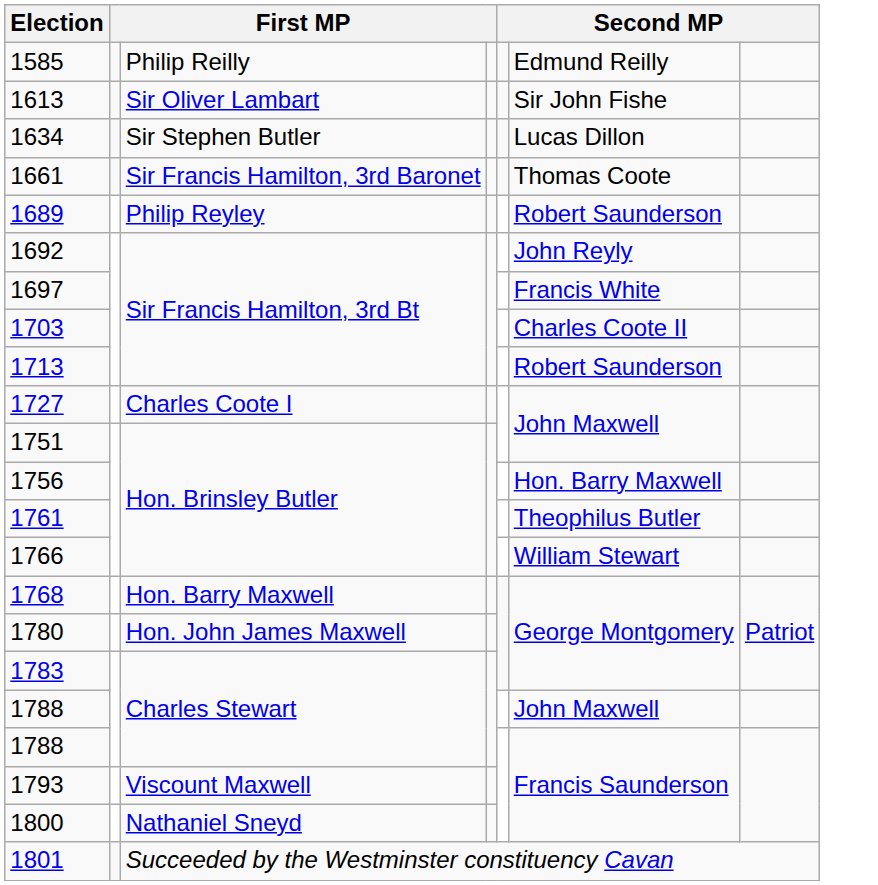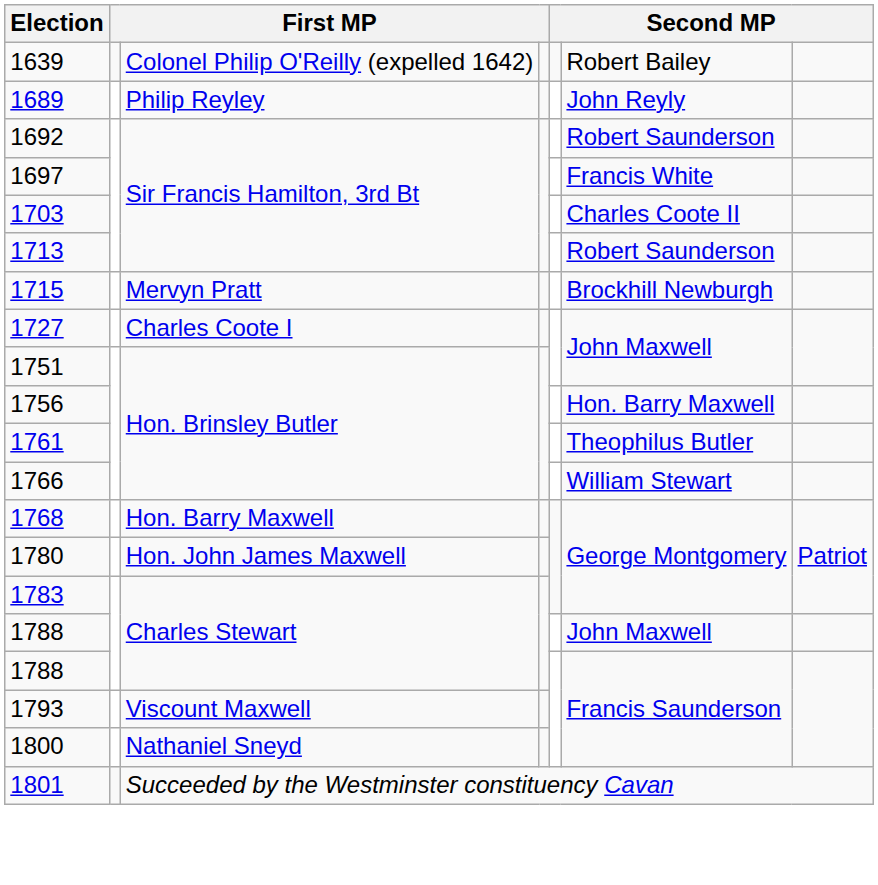 <table class="wikitable">
 <tr>
 <th>Election</th>
 <th colspan=3>First MP</th>
 <th colspan=3>Second MP</th>
 </tr>
 <tr>
-<td>1585</td>
+<td>1639</td>
 <td></td>
-<td>Philip Reilly</td>
+<td><a href='#'>Colonel Philip O'Reilly</a> (expelled 1642)</td>
 <td></td>
 <td></td>
-<td>Edmund Reilly</td>
-<td></td>
-</tr>
-<tr>
-<td>1613</td>
-<td></td>
-<td><a href='#'>Sir Oliver Lambart</a></td>
-<td></td>
-<td></td>
-<td>Sir John Fishe</td>
-<td></td>
-</tr>
-<tr>
-<td>1634</td>
-<td></td>
-<td>Sir Stephen Butler</td>
-<td></td>
-<td></td>
-<td>Lucas Dillon</td>
-<td></td>
-</tr>
-<tr>
-<td>1661</td>
-<td></td>
-<td><a href='#'>Sir Francis Hamilton, 3rd Baronet</a></td>
-<td></td>
-<td></td>
-<td>Thomas Coote</td>
+<td>Robert Bailey</td>
 <td></td>
 </tr>
 <tr>
 <td><a href='#'>1689</a></td>
 <td style="background-color: white"></td>
 <td><a href='#'>Philip Reyley</a></td>
 <td></td>
 <td style="background-color: white"></td>
-<td><a href='#'>Robert Saunderson</a></td>
+<td><a href='#'>John Reyly</a></td>
 <td></td>
 </tr>
 <tr>
 <td>1692</td>
 <td rowspan="4" style="background-color: white"></td>
 <td rowspan="4"><a href='#'>Sir Francis Hamilton, 3rd Bt</a></td>
 <td rowspan="4"></td>
 <td style="background-color: white"></td>
-<td><a href='#'>John Reyly</a></td>
+<td><a href='#'>Robert Saunderson</a></td>
 <td></td>
 </tr>
 <tr>
 <td>1697</td>
 <td style="background-color: white"></td>
 <td><a href='#'>Francis White</a></td>
 <td></td>
 </tr>
 <tr>
 <td><a href='#'>1703</a></td>
 <td style="background-color: white"></td>
 <td><a href='#'>Charles Coote II</a></td>
 <td></td>
 </tr>
 <tr>
 <td><a href='#'>1713</a></td>
 <td style="background-color: white"></td>
 <td><a href='#'>Robert Saunderson</a></td>
+<td></td>
+</tr>
+<tr>
+<td><a href='#'>1715</a></td>
+<td style="background-color: white"></td>
+<td><a href='#'>Mervyn Pratt</a></td>
+<td></td>
+<td style="background-color: white"></td>
+<td><a href='#'>Brockhill Newburgh</a></td>
 <td></td>
 </tr>
 <tr>
 <td><a href='#'>1727</a></td>
 <td style="background-color: white"></td>
 <td><a href='#'>Charles Coote I</a></td>
 <td></td>
 <td rowspan="2" style="background-color: white"></td>
 <td rowspan="2"><a href='#'>John Maxwell</a></td>
 <td rowspan="2"></td>
 </tr>
 <tr>
 <td>1751</td>
 <td rowspan="4" style="background-color: white"></td>
 <td rowspan="4"><a href='#'>Hon. Brinsley Butler</a></td>
 <td rowspan="4"></td>
 </tr>
 <tr>
 <td>1756</td>
 <td style="background-color: white"></td>
 <td><a href='#'>Hon. Barry Maxwell</a></td>
 <td></td>
 </tr>
 <tr>
 <td><a href='#'>1761</a></td>
 <td style="background-color: white"></td>
 <td><a href='#'>Theophilus Butler</a></td>
 <td></td>
 </tr>
 <tr>
 <td>1766</td>
 <td style="background-color: white"></td>
 <td><a href='#'>William Stewart</a></td>
 <td></td>
 </tr>
 <tr>
 <td><a href='#'>1768</a></td>
 <td style="background-color: white"></td>
 <td><a href='#'>Hon. Barry Maxwell</a></td>
 <td></td>
 <td rowspan="3" style="background-color: "></td>
 <td rowspan="3"><a href='#'>George Montgomery</a></td>
 <td rowspan="3"><a href='#'>Patriot</a></td>
 </tr>
 <tr>
 <td>1780</td>
 <td style="background-color: white"></td>
 <td><a href='#'>Hon. John James Maxwell</a></td>
 <td></td>
 </tr>
 <tr>
 <td><a href='#'>1783</a></td>
 <td rowspan="3" style="background-color: white"></td>
 <td rowspan="3"><a href='#'>Charles Stewart</a></td>
 <td rowspan="3"></td>
 </tr>
 <tr>
 <td>1788</td>
 <td style="background-color: white"></td>
 <td><a href='#'>John Maxwell</a></td>
 <td></td>
 </tr>
 <tr>
 <td>1788</td>
 <td rowspan="3" style="background-color: white"></td>
 <td rowspan="3"><a href='#'>Francis Saunderson</a></td>
 <td rowspan="3"></td>
 </tr>
 <tr>
 <td>1793</td>
 <td style="background-color: white"></td>
 <td><a href='#'>Viscount Maxwell</a></td>
 <td></td>
 </tr>
 <tr>
 <td>1800</td>
 <td style="background-color: white"></td>
 <td><a href='#'>Nathaniel Sneyd</a></td>
 <td></td>
 </tr>
 <tr>
 <td><a href='#'>1801</a></td>
 <td></td>
 <td colspan="5"><em>Succeeded by the Westminster constituency <a href='#'>Cavan</a></em></td>
 </tr>
 </table>
